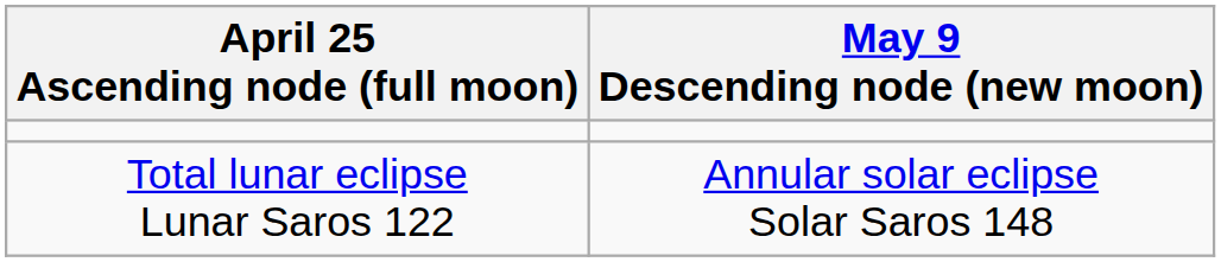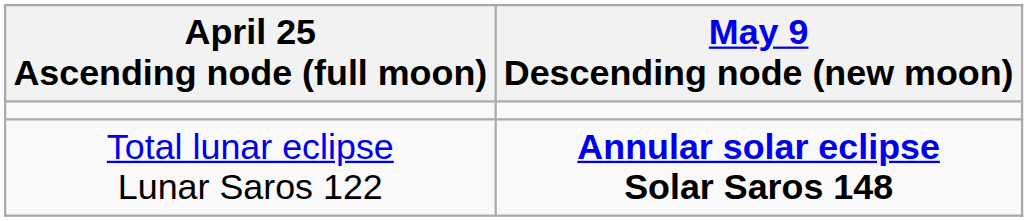 <table class="wikitable">
 <tr>
 <th>April 25<br>Ascending node (full moon)<br></th>
 <th><a href='#'>May 9</a><br>Descending node (new moon)<br></th>
 </tr>
 <tr>
 <td></td>
 <td></td>
 </tr>
 <tr align=center>
 <td><a href='#'>Total lunar eclipse</a><br>Lunar Saros 122</td>
-<td><a href='#'>Annular solar eclipse</a><br>Solar Saros 148</td>
+<td><strong><a href='#'>Annular solar eclipse</a><br>Solar Saros 148</strong></td>
 </tr>
 </table>
